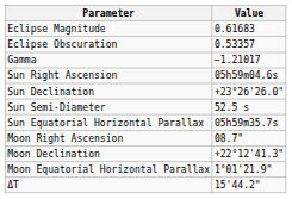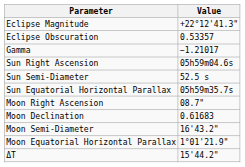 <table class="wikitable">
 <tr>
 <th>Parameter</th>
 <th>Value</th>
 </tr>
 <tr>
 <td>Eclipse Magnitude</td>
-<td>0.61683</td>
+<td>+22°12'41.3"</td>
 </tr>
 <tr>
 <td>Eclipse Obscuration</td>
 <td>0.53357</td>
 </tr>
 <tr>
 <td>Gamma</td>
 <td>−1.21017</td>
 </tr>
 <tr>
 <td>Sun Right Ascension</td>
 <td>05h59m04.6s</td>
-</tr>
-<tr>
-<td>Sun Declination</td>
-<td>+23°26'26.0"</td>
 </tr>
 <tr>
 <td>Sun Semi-Diameter</td>
 <td>52.5 s</td>
 </tr>
 <tr>
 <td>Sun Equatorial Horizontal Parallax</td>
 <td>05h59m35.7s</td>
 </tr>
 <tr>
 <td>Moon Right Ascension</td>
 <td>08.7"</td>
 </tr>
 <tr>
 <td>Moon Declination</td>
-<td>+22°12'41.3"</td>
+<td>0.61683</td>
+</tr>
+<tr>
+<td>Moon Semi-Diameter</td>
+<td>16'43.2"</td>
 </tr>
 <tr>
 <td>Moon Equatorial Horizontal Parallax</td>
 <td>1°01'21.9"</td>
 </tr>
 <tr>
 <td>ΔT</td>
 <td>15'44.2"</td>
 </tr>
 </table>
